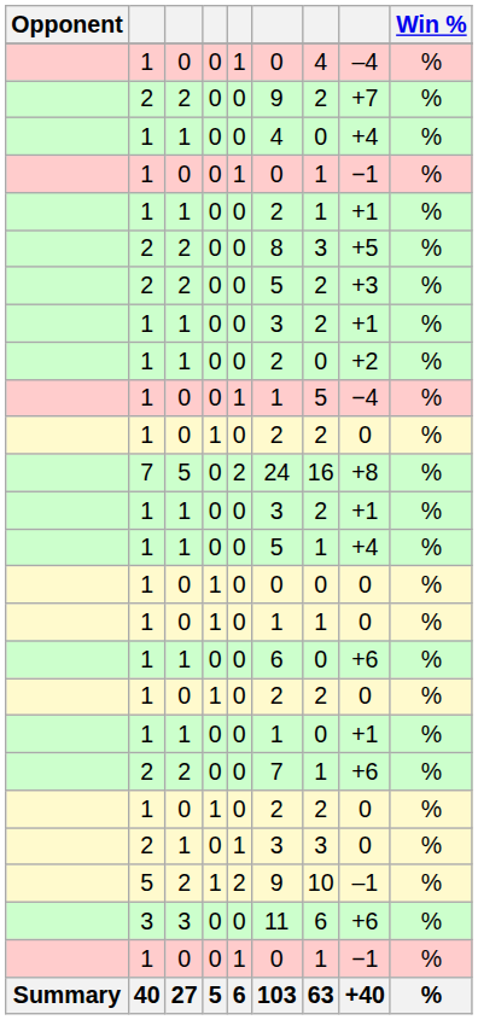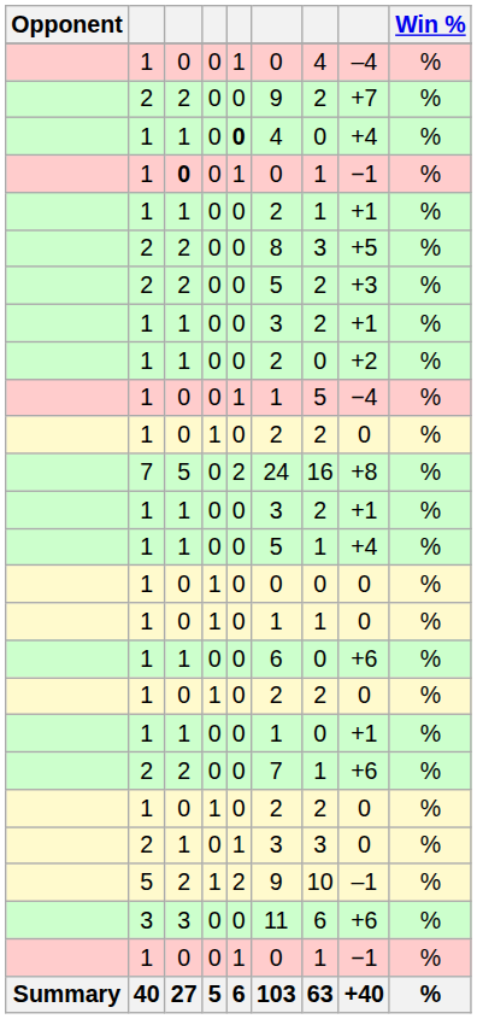 <table class="wikitable sortable collapsible collapsed" style="font-size:90%; text-align: center">
 <tr>
 <th>Opponent</th>
 <th></th>
 <th></th>
 <th></th>
 <th></th>
 <th></th>
 <th></th>
 <th></th>
 <th><a href='#'>Win %</a></th>
 </tr>
 <tr bgcolor="#d0ffd0" align="center">
 </tr>
 <tr bgcolor=#FFCCCC>
 <td align="left"></td>
 <td>1</td>
 <td>0</td>
 <td>0</td>
 <td>1</td>
 <td>0</td>
 <td>4</td>
 <td>–4</td>
 <td>%</td>
 </tr>
 <tr bgcolor=#CCFFCC>
 <td align="left"></td>
 <td>2</td>
 <td>2</td>
 <td>0</td>
 <td>0</td>
 <td>9</td>
 <td>2</td>
 <td>+7</td>
 <td>%</td>
 </tr>
 <tr bgcolor=#CCFFCC>
 <td align="left"></td>
 <td>1</td>
 <td>1</td>
 <td>0</td>
-<td>0</td>
+<td><strong>0</strong></td>
 <td>4</td>
 <td>0</td>
 <td>+4</td>
 <td>%</td>
 </tr>
 <tr bgcolor=#FFCCCC>
 <td align="left"></td>
 <td>1</td>
-<td>0</td>
+<td><strong>0</strong></td>
 <td>0</td>
 <td>1</td>
 <td>0</td>
 <td>1</td>
 <td>−1</td>
 <td>%</td>
 </tr>
 <tr bgcolor=#CCFFCC>
 <td align="left"></td>
 <td>1</td>
 <td>1</td>
 <td>0</td>
 <td>0</td>
 <td>2</td>
 <td>1</td>
 <td>+1</td>
 <td>%</td>
 </tr>
 <tr bgcolor=#CCFFCC>
 <td align="left"></td>
 <td>2</td>
 <td>2</td>
 <td>0</td>
 <td>0</td>
 <td>8</td>
 <td>3</td>
 <td>+5</td>
 <td>%</td>
 </tr>
 <tr bgcolor=#CCFFCC>
 <td align="left"></td>
 <td>2</td>
 <td>2</td>
 <td>0</td>
 <td>0</td>
 <td>5</td>
 <td>2</td>
 <td>+3</td>
 <td>%</td>
 </tr>
 <tr bgcolor=#CCFFCC>
 <td align="left"></td>
 <td>1</td>
 <td>1</td>
 <td>0</td>
 <td>0</td>
 <td>3</td>
 <td>2</td>
 <td>+1</td>
 <td>%</td>
 </tr>
 <tr bgcolor=#CCFFCC>
 <td align="left"></td>
 <td>1</td>
 <td>1</td>
 <td>0</td>
 <td>0</td>
 <td>2</td>
 <td>0</td>
 <td>+2</td>
 <td>%</td>
 </tr>
 <tr bgcolor=#FFCCCC>
 <td align="left"></td>
 <td>1</td>
 <td>0</td>
 <td>0</td>
 <td>1</td>
 <td>1</td>
 <td>5</td>
 <td>−4</td>
 <td>%</td>
 </tr>
 <tr bgcolor=LemonChiffon>
 <td align="left"></td>
 <td>1</td>
 <td>0</td>
 <td>1</td>
 <td>0</td>
 <td>2</td>
 <td>2</td>
 <td>0</td>
 <td>%</td>
 </tr>
 <tr bgcolor=#CCFFCC>
 <td align="left"></td>
 <td>7</td>
 <td>5</td>
 <td>0</td>
 <td>2</td>
 <td>24</td>
 <td>16</td>
 <td>+8</td>
 <td>%</td>
 </tr>
 <tr bgcolor=#CCFFCC>
 <td align="left"></td>
 <td>1</td>
 <td>1</td>
 <td>0</td>
 <td>0</td>
 <td>3</td>
 <td>2</td>
 <td>+1</td>
 <td>%</td>
 </tr>
 <tr bgcolor=#CCFFCC>
 <td align="left"></td>
 <td>1</td>
 <td>1</td>
 <td>0</td>
 <td>0</td>
 <td>5</td>
 <td>1</td>
 <td>+4</td>
 <td>%</td>
 </tr>
 <tr bgcolor=LemonChiffon>
 <td align="left"></td>
 <td>1</td>
 <td>0</td>
 <td>1</td>
 <td>0</td>
 <td>0</td>
 <td>0</td>
 <td>0</td>
 <td>%</td>
 </tr>
 <tr bgcolor=LemonChiffon>
 <td align="left"></td>
 <td>1</td>
 <td>0</td>
 <td>1</td>
 <td>0</td>
 <td>1</td>
 <td>1</td>
 <td>0</td>
 <td>%</td>
 </tr>
 <tr bgcolor=#CCFFCC>
 <td align="left"></td>
 <td>1</td>
 <td>1</td>
 <td>0</td>
 <td>0</td>
 <td>6</td>
 <td>0</td>
 <td>+6</td>
 <td>%</td>
 </tr>
 <tr bgcolor=LemonChiffon>
 <td align="left"></td>
 <td>1</td>
 <td>0</td>
 <td>1</td>
 <td>0</td>
 <td>2</td>
 <td>2</td>
 <td>0</td>
 <td>%</td>
 </tr>
 <tr bgcolor=#CCFFCC>
 <td align="left"></td>
 <td>1</td>
 <td>1</td>
 <td>0</td>
 <td>0</td>
 <td>1</td>
 <td>0</td>
 <td>+1</td>
 <td>%</td>
 </tr>
 <tr bgcolor=#CCFFCC>
 <td align="left"></td>
 <td>2</td>
 <td>2</td>
 <td>0</td>
 <td>0</td>
 <td>7</td>
 <td>1</td>
 <td>+6</td>
 <td>%</td>
 </tr>
 <tr bgcolor=LemonChiffon>
 <td align="left"></td>
 <td>1</td>
 <td>0</td>
 <td>1</td>
 <td>0</td>
 <td>2</td>
 <td>2</td>
 <td>0</td>
 <td>%</td>
 </tr>
 <tr bgcolor=LemonChiffon>
 <td align="left"></td>
 <td>2</td>
 <td>1</td>
 <td>0</td>
 <td>1</td>
 <td>3</td>
 <td>3</td>
 <td>0</td>
 <td>%</td>
 </tr>
 <tr bgcolor=LemonChiffon>
 <td align="left"></td>
 <td>5</td>
 <td>2</td>
 <td>1</td>
 <td>2</td>
 <td>9</td>
 <td>10</td>
 <td>–1</td>
 <td>%</td>
 </tr>
 <tr bgcolor=#CCFFCC>
 <td align="left"></td>
 <td>3</td>
 <td>3</td>
 <td>0</td>
 <td>0</td>
 <td>11</td>
 <td>6</td>
 <td>+6</td>
 <td>%</td>
 </tr>
 <tr bgcolor=#FFCCCC>
 <td align="left"></td>
 <td>1</td>
 <td>0</td>
 <td>0</td>
 <td>1</td>
 <td>0</td>
 <td>1</td>
 <td>−1</td>
 <td>%</td>
 </tr>
 <tr>
 <th align="left">Summary</th>
 <th>40</th>
 <th>27</th>
 <th>5</th>
 <th>6</th>
 <th>103</th>
 <th>63</th>
 <th>+40</th>
 <th>%</th>
 </tr>
 </table>
